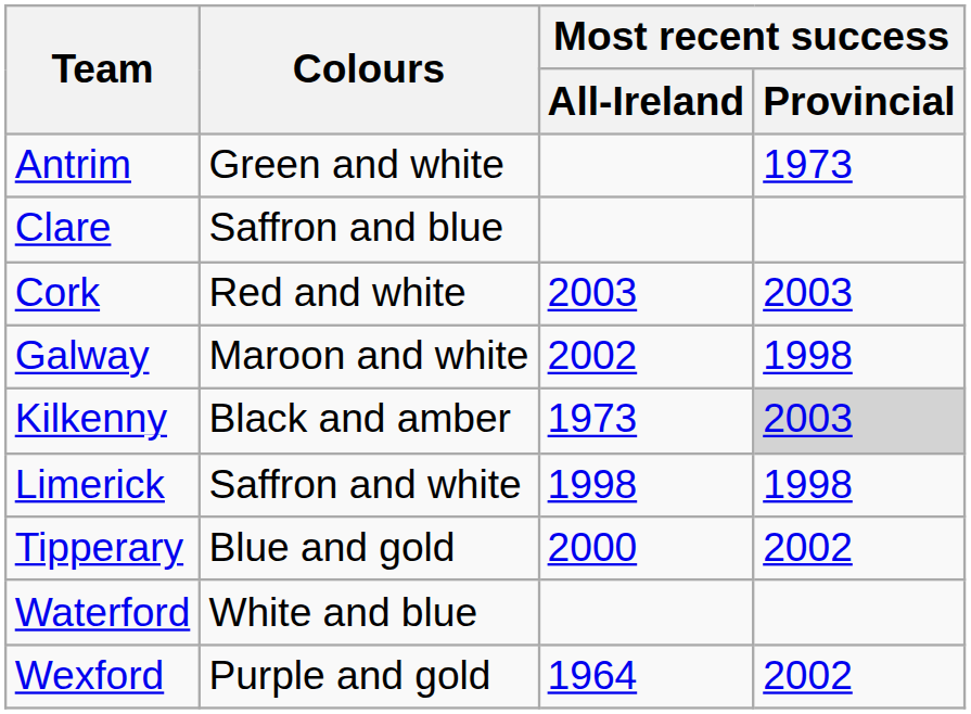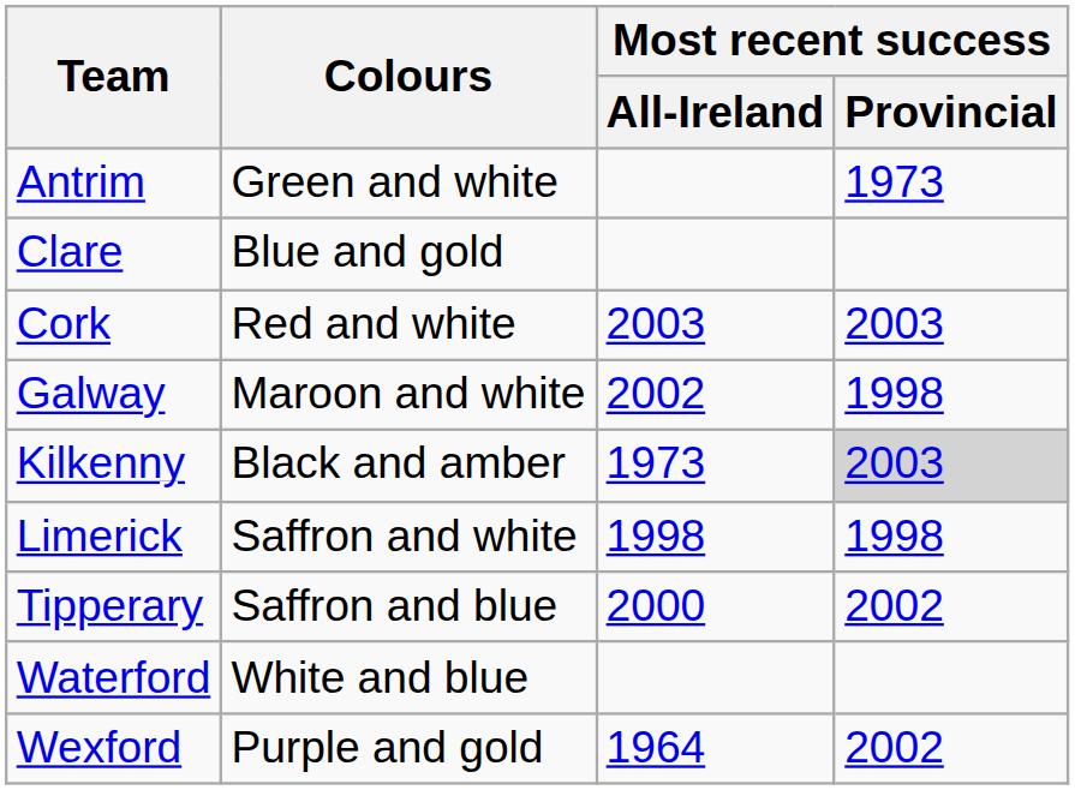 <table class="wikitable">
 <tr>
 <th rowspan="2">Team</th>
 <th rowspan="2">Colours</th>
 <th colspan="3">Most recent success</th>
 </tr>
 <tr>
 <th>All-Ireland</th>
 <th>Provincial</th>
 </tr>
 <tr>
 <td><a href='#'>Antrim</a></td>
 <td>Green and white</td>
 <td></td>
 <td><a href='#'>1973</a></td>
 </tr>
 <tr>
 <td><a href='#'>Clare</a></td>
-<td>Saffron and blue</td>
+<td>Blue and gold</td>
 <td></td>
 <td></td>
 </tr>
 <tr>
 <td><a href='#'>Cork</a></td>
 <td>Red and white</td>
 <td><a href='#'>2003</a></td>
 <td><a href='#'>2003</a></td>
 </tr>
 <tr>
 <td><a href='#'>Galway</a></td>
 <td>Maroon and white</td>
 <td><a href='#'>2002</a></td>
 <td><a href='#'>1998</a></td>
 </tr>
 <tr>
 <td><a href='#'>Kilkenny</a></td>
 <td>Black and amber</td>
 <td><a href='#'>1973</a></td>
 <td style="background: lightgrey;"><a href='#'>2003</a></td>
 </tr>
 <tr>
 <td><a href='#'>Limerick</a></td>
 <td>Saffron and white</td>
 <td><a href='#'>1998</a></td>
 <td><a href='#'>1998</a></td>
 </tr>
 <tr>
 <td><a href='#'>Tipperary</a></td>
-<td>Blue and gold</td>
+<td>Saffron and blue</td>
 <td><a href='#'>2000</a></td>
 <td><a href='#'>2002</a></td>
 </tr>
 <tr>
 <td><a href='#'>Waterford</a></td>
 <td>White and blue</td>
 <td></td>
 <td></td>
 </tr>
 <tr>
 <td><a href='#'>Wexford</a></td>
 <td>Purple and gold</td>
 <td><a href='#'>1964</a></td>
 <td><a href='#'>2002</a></td>
 </tr>
 </table>
